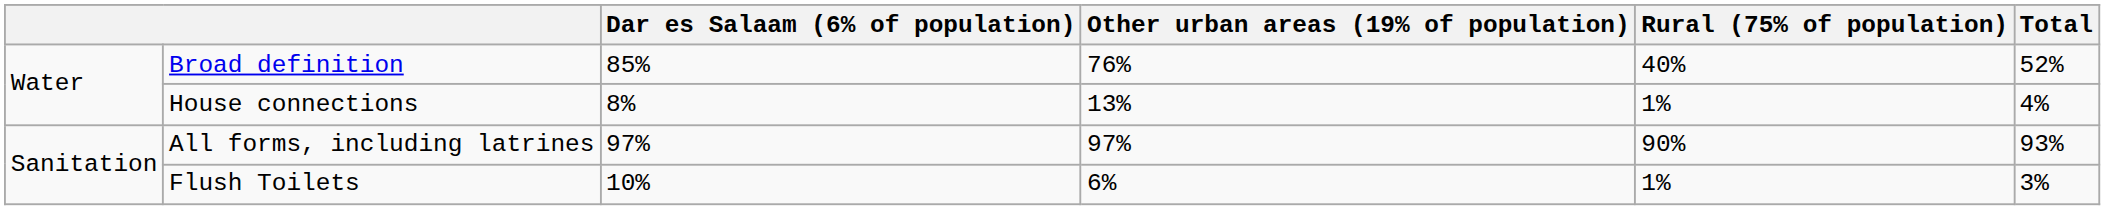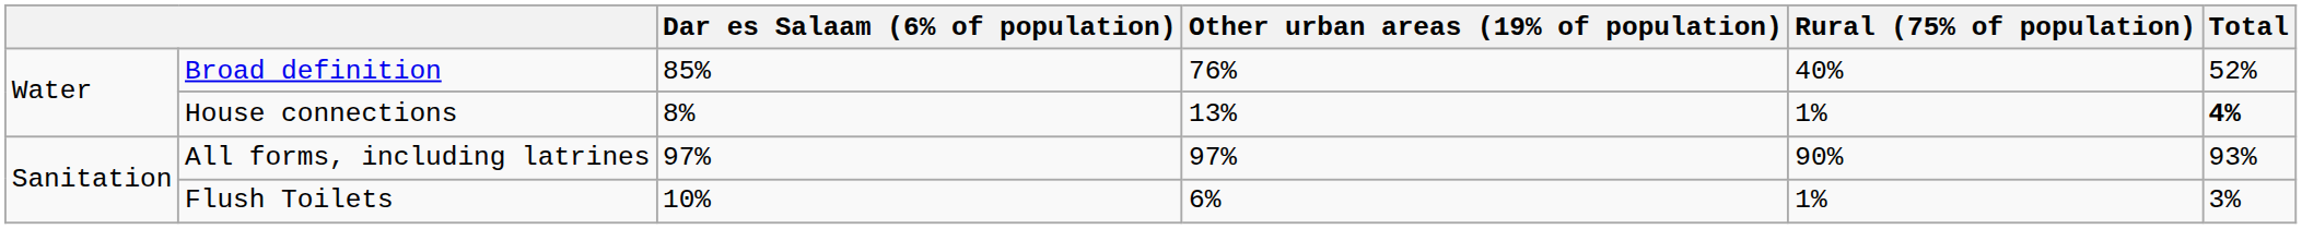 <table class="wikitable">
 <tr>
 <th colspan=2></th>
 <th>Dar es Salaam (6% of population) </th>
 <th>Other urban areas (19% of population)</th>
 <th>Rural (75% of population) </th>
 <th>Total</th>
 </tr>
 <tr>
 <td rowspan=2>Water</td>
 <td><a href='#'>Broad definition</a></td>
 <td>85%</td>
 <td>76%</td>
 <td>40%</td>
 <td>52%</td>
 </tr>
 <tr>
 <td>House connections</td>
 <td>8%</td>
 <td>13%</td>
 <td>1%</td>
-<td>4%</td>
+<td><strong>4%</strong></td>
 </tr>
 <tr>
 <td rowspan=2>Sanitation</td>
 <td>All forms, including latrines</td>
 <td>97%</td>
 <td>97%</td>
 <td>90%</td>
 <td>93%</td>
 </tr>
 <tr>
 <td>Flush Toilets</td>
 <td>10%</td>
 <td>6%</td>
 <td>1%</td>
 <td>3%</td>
 </tr>
 </table>
